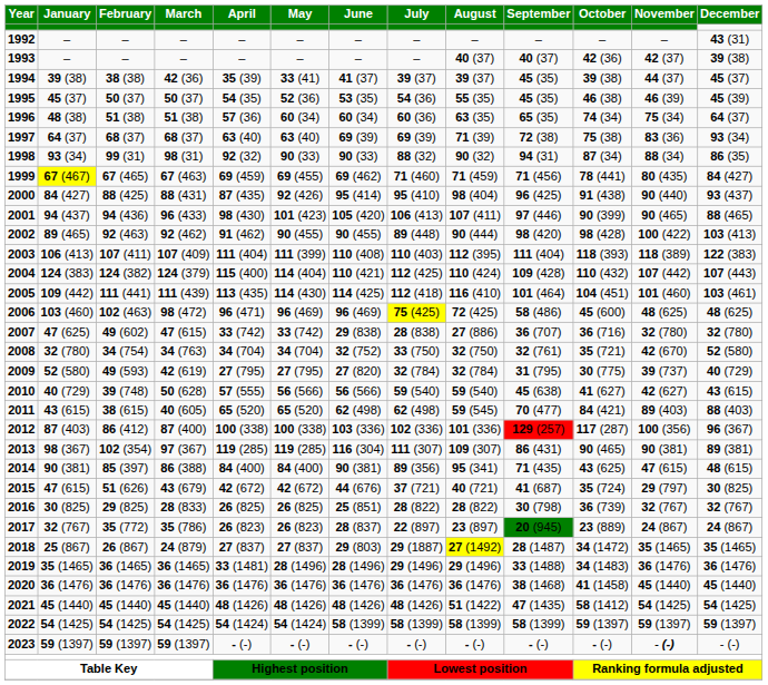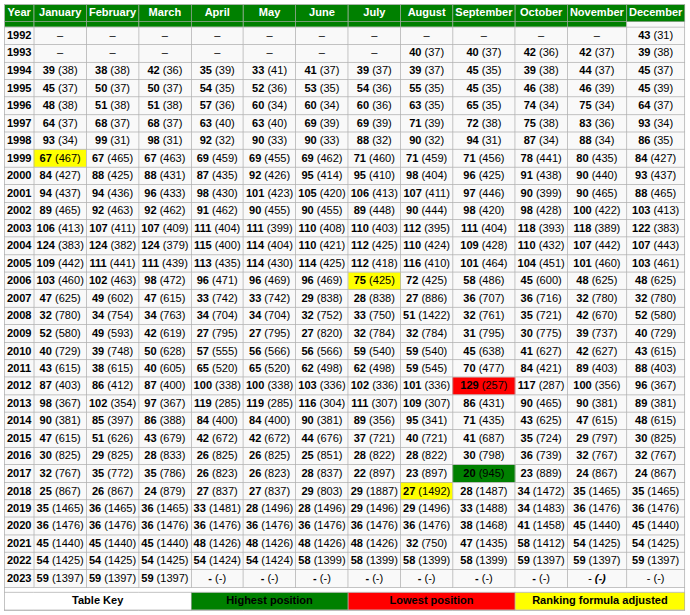 <table class="wikitable sortable mw-collapsible mw-collapsed" style="text-align:center;">
 <tr>
 <th style="background-color:#008000; color:white; ">Year</th>
 <th style="background-color:#008000; color:white; ">January</th>
 <th style="background-color:#008000; color:white; ">February</th>
 <th style="background-color:#008000; color:white; ">March</th>
 <th style="background-color:#008000; color:white; ">April</th>
 <th style="background-color:#008000; color:white; ">May</th>
 <th style="background-color:#008000; color:white; ">June</th>
 <th style="background-color:#008000; color:white; ">July</th>
 <th style="background-color:#008000; color:white; ">August</th>
 <th style="background-color:#008000; color:white; ">September</th>
 <th style="background-color:#008000; color:white; ">October</th>
 <th style="background-color:#008000; color:white; ">November</th>
 <th style="background-color:#008000; color:white; ">December</th>
 </tr>
 <tr>
 <th style="background-color:#008000; color:white; "></th>
 <th style="background-color:#008000; color:white; "></th>
 <th style="background-color:#008000; color:white; "></th>
 <th style="background-color:#008000; color:white; "></th>
 <th style="background-color:#008000; color:white; "></th>
 <th style="background-color:#008000; color:white; "></th>
 <th style="background-color:#008000; color:white; "></th>
 <th style="background-color:#008000; color:white; "></th>
 <th style="background-color:#008000; color:white; "></th>
 <th style="background-color:#008000; color:white; "></th>
 <th style="background-color:#008000; color:white; "></th>
 <th style="background-color:#008000; color:white; "></th>
 </tr>
 <tr>
 <td><strong>1992</strong></td>
 <td>–</td>
 <td>–</td>
 <td>–</td>
 <td>–</td>
 <td>–</td>
 <td>–</td>
 <td>–</td>
 <td>–</td>
 <td>–</td>
 <td>–</td>
 <td>–</td>
 <td><strong>43</strong> (31)</td>
 </tr>
 <tr>
 <td><strong>1993</strong></td>
 <td>–</td>
 <td>–</td>
 <td>–</td>
 <td>–</td>
 <td>–</td>
 <td>–</td>
 <td>–</td>
 <td><strong>40</strong> (37)</td>
 <td><strong>40</strong> (37)</td>
 <td><strong>42</strong> (36)</td>
 <td><strong>42</strong> (37)</td>
 <td><strong>39</strong> (38)</td>
 </tr>
 <tr>
 <td><strong>1994</strong></td>
 <td><strong>39</strong> (38)</td>
 <td><strong>38</strong> (38)</td>
 <td><strong>42</strong> (36)</td>
 <td><strong>35</strong> (39)</td>
 <td><strong>33</strong> (41)</td>
 <td><strong>41</strong> (37)</td>
 <td><strong>39</strong> (37)</td>
 <td><strong>39</strong> (37)</td>
 <td><strong>45</strong> (35)</td>
 <td><strong>39</strong> (38)</td>
 <td><strong>44</strong> (37)</td>
 <td><strong>45</strong> (37)</td>
 </tr>
 <tr>
 <td><strong>1995</strong></td>
 <td><strong>45</strong> (37)</td>
 <td><strong>50</strong> (37)</td>
 <td><strong>50</strong> (37)</td>
 <td><strong>54</strong> (35)</td>
 <td><strong>52</strong> (36)</td>
 <td><strong>53</strong> (35)</td>
 <td><strong>54</strong> (36)</td>
 <td><strong>55</strong> (35)</td>
 <td><strong>45</strong> (35)</td>
 <td><strong>46</strong> (38)</td>
 <td><strong>46</strong> (39)</td>
 <td><strong>45</strong> (39)</td>
 </tr>
 <tr>
 <td><strong>1996</strong></td>
 <td><strong>48</strong> (38)</td>
 <td><strong>51</strong> (38)</td>
 <td><strong>51</strong> (38)</td>
 <td><strong>57</strong> (36)</td>
 <td><strong>60</strong> (34)</td>
 <td><strong>60</strong> (34)</td>
 <td><strong>60</strong> (36)</td>
 <td><strong>63</strong> (35)</td>
 <td><strong>65</strong> (35)</td>
 <td><strong>74</strong> (34)</td>
 <td><strong>75</strong> (34)</td>
 <td><strong>64</strong> (37)</td>
 </tr>
 <tr>
 <td><strong>1997</strong></td>
 <td><strong>64</strong> (37)</td>
 <td><strong>68</strong> (37)</td>
 <td><strong>68</strong> (37)</td>
 <td><strong>63</strong> (40)</td>
 <td><strong>63</strong> (40)</td>
 <td><strong>69</strong> (39)</td>
 <td><strong>69</strong> (39)</td>
 <td><strong>71</strong> (39)</td>
 <td><strong>72</strong> (38)</td>
 <td><strong>75</strong> (38)</td>
 <td><strong>83</strong> (36)</td>
 <td><strong>93</strong> (34)</td>
 </tr>
 <tr>
 <td><strong>1998</strong></td>
 <td><strong>93</strong> (34)</td>
 <td><strong>99</strong> (31)</td>
 <td><strong>98</strong> (31)</td>
 <td><strong>92</strong> (32)</td>
 <td><strong>90</strong> (33)</td>
 <td><strong>90</strong> (33)</td>
 <td><strong>88</strong> (32)</td>
 <td><strong>90</strong> (32)</td>
 <td><strong>94</strong> (31)</td>
 <td><strong>87</strong> (34)</td>
 <td><strong>88</strong> (34)</td>
 <td><strong>86</strong> (35)</td>
 </tr>
 <tr>
 <td><strong>1999</strong></td>
 <td style="background:yellow;"><strong>67</strong> (467)</td>
 <td><strong>67</strong> (465)</td>
 <td><strong>67</strong> (463)</td>
 <td><strong>69</strong> (459)</td>
 <td><strong>69</strong> (455)</td>
 <td><strong>69</strong> (462)</td>
 <td><strong>71</strong> (460)</td>
 <td><strong>71</strong> (459)</td>
 <td><strong>71</strong> (456)</td>
 <td><strong>78</strong> (441)</td>
 <td><strong>80</strong> (435)</td>
 <td><strong>84</strong> (427)</td>
 </tr>
 <tr>
 <td><strong>2000</strong></td>
 <td><strong>84</strong> (427)</td>
 <td><strong>88</strong> (425)</td>
 <td><strong>88</strong> (431)</td>
 <td><strong>87</strong> (435)</td>
 <td><strong>92</strong> (426)</td>
 <td><strong>95</strong> (414)</td>
 <td><strong>95</strong> (410)</td>
 <td><strong>98</strong> (404)</td>
 <td><strong>96</strong> (425)</td>
 <td><strong>91</strong> (438)</td>
 <td><strong>90</strong> (440)</td>
 <td><strong>93</strong> (437)</td>
 </tr>
 <tr>
 <td><strong>2001</strong></td>
 <td><strong>94</strong> (437)</td>
 <td><strong>94</strong> (436)</td>
 <td><strong>96</strong> (433)</td>
 <td><strong>98</strong> (430)</td>
 <td><strong>101</strong> (423)</td>
 <td><strong>105</strong> (420)</td>
 <td><strong>106</strong> (413)</td>
 <td><strong>107</strong> (411)</td>
 <td><strong>97</strong> (446)</td>
 <td><strong>90</strong> (399)</td>
 <td><strong>90</strong> (465)</td>
 <td><strong>88</strong> (465)</td>
 </tr>
 <tr>
 <td><strong>2002</strong></td>
 <td><strong>89</strong> (465)</td>
 <td><strong>92</strong> (463)</td>
 <td><strong>92</strong> (462)</td>
 <td><strong>91</strong> (462)</td>
 <td><strong>90</strong> (455)</td>
 <td><strong>90</strong> (455)</td>
 <td><strong>89</strong> (448)</td>
 <td><strong>90</strong> (444)</td>
 <td><strong>98</strong> (420)</td>
 <td><strong>98</strong> (428)</td>
 <td><strong>100</strong> (422)</td>
 <td><strong>103</strong> (413)</td>
 </tr>
 <tr>
 <td><strong>2003</strong></td>
 <td><strong>106</strong> (413)</td>
 <td><strong>107</strong> (411)</td>
 <td><strong>107</strong> (409)</td>
 <td><strong>111</strong> (404)</td>
 <td><strong>111</strong> (399)</td>
 <td><strong>110</strong> (408)</td>
 <td><strong>110</strong> (403)</td>
 <td><strong>112</strong> (395)</td>
 <td><strong>111</strong> (404)</td>
 <td><strong>118</strong> (393)</td>
 <td><strong>118</strong> (389)</td>
 <td><strong>122</strong> (383)</td>
 </tr>
 <tr>
 <td><strong>2004</strong></td>
 <td><strong>124</strong> (383)</td>
 <td><strong>124</strong> (382)</td>
 <td><strong>124</strong> (379)</td>
 <td><strong>115</strong> (400)</td>
 <td><strong>114</strong> (404)</td>
 <td><strong>110</strong> (421)</td>
 <td><strong>112</strong> (425)</td>
 <td><strong>110</strong> (424)</td>
 <td><strong>109</strong> (428)</td>
 <td><strong>110</strong> (432)</td>
 <td><strong>107</strong> (442)</td>
 <td><strong>107</strong> (443)</td>
 </tr>
 <tr>
 <td><strong>2005</strong></td>
 <td><strong>109</strong> (442)</td>
 <td><strong>111</strong> (441)</td>
 <td><strong>111</strong> (439)</td>
 <td><strong>113</strong> (435)</td>
 <td><strong>114</strong> (430)</td>
 <td><strong>114</strong> (425)</td>
 <td><strong>112</strong> (418)</td>
 <td><strong>116</strong> (410)</td>
 <td><strong>101</strong> (464)</td>
 <td><strong>104</strong> (451)</td>
 <td><strong>101</strong> (460)</td>
 <td><strong>103</strong> (461)</td>
 </tr>
 <tr>
 <td><strong>2006</strong></td>
 <td><strong>103</strong> (460)</td>
 <td><strong>102</strong> (463)</td>
 <td><strong>98</strong> (472)</td>
 <td><strong>96</strong> (471)</td>
 <td><strong>96</strong> (469)</td>
 <td><strong>96</strong> (469)</td>
 <td style="background:yellow;"><strong>75</strong> (425)</td>
 <td><strong>72</strong> (425)</td>
 <td><strong>58</strong> (486)</td>
 <td><strong>45</strong> (600)</td>
 <td><strong>48</strong> (625)</td>
 <td><strong>48</strong> (625)</td>
 </tr>
 <tr>
 <td><strong>2007</strong></td>
 <td><strong>47</strong> (625)</td>
 <td><strong>49</strong> (602)</td>
 <td><strong>47</strong> (615)</td>
 <td><strong>33</strong> (742)</td>
 <td><strong>33</strong> (742)</td>
 <td><strong>29</strong> (838)</td>
 <td><strong>28</strong> (838)</td>
 <td><strong>27</strong> (886)</td>
 <td><strong>36</strong> (707)</td>
 <td><strong>36</strong> (716)</td>
 <td><strong>32</strong> (780)</td>
 <td><strong>32</strong> (780)</td>
 </tr>
 <tr>
 <td><strong>2008</strong></td>
 <td><strong>32</strong> (780)</td>
 <td><strong>34</strong> (754)</td>
 <td><strong>34</strong> (763)</td>
 <td><strong>34</strong> (704)</td>
 <td><strong>34</strong> (704)</td>
 <td><strong>32</strong> (752)</td>
 <td><strong>33</strong> (750)</td>
-<td><strong>32</strong> (750)</td>
+<td><strong>51</strong> (1422)</td>
 <td><strong>32</strong> (761)</td>
 <td><strong>35</strong> (721)</td>
 <td><strong>42</strong> (670)</td>
 <td><strong>52</strong> (580)</td>
 </tr>
 <tr>
 <td><strong>2009</strong></td>
 <td><strong>52</strong> (580)</td>
 <td><strong>49</strong> (593)</td>
 <td><strong>42</strong> (619)</td>
 <td><strong>27</strong> (795)</td>
 <td><strong>27</strong> (795)</td>
 <td><strong>27</strong> (820)</td>
 <td><strong>32</strong> (784)</td>
 <td><strong>32</strong> (784)</td>
 <td><strong>31</strong> (795)</td>
 <td><strong>30</strong> (775)</td>
 <td><strong>39</strong> (737)</td>
 <td><strong>40</strong> (729)</td>
 </tr>
 <tr>
 <td><strong>2010</strong></td>
 <td><strong>40</strong> (729)</td>
 <td><strong>39</strong> (748)</td>
 <td><strong>50</strong> (628)</td>
 <td><strong>57</strong> (555)</td>
 <td><strong>56</strong> (566)</td>
 <td><strong>56</strong> (566)</td>
 <td><strong>59</strong> (540)</td>
 <td><strong>59</strong> (540)</td>
 <td><strong>45</strong> (638)</td>
 <td><strong>41</strong> (627)</td>
 <td><strong>42</strong> (627)</td>
 <td><strong>43</strong> (615)</td>
 </tr>
 <tr>
 <td><strong>2011</strong></td>
 <td><strong>43</strong> (615)</td>
 <td><strong>38</strong> (615)</td>
 <td><strong>40</strong> (605)</td>
 <td><strong>65</strong> (520)</td>
 <td><strong>65</strong> (520)</td>
 <td><strong>62</strong> (498)</td>
 <td><strong>62</strong> (498)</td>
 <td><strong>59</strong> (545)</td>
 <td><strong>70</strong> (477)</td>
 <td><strong>84</strong> (421)</td>
 <td><strong>89</strong> (403)</td>
 <td><strong>88</strong> (403)</td>
 </tr>
 <tr>
 <td><strong>2012</strong></td>
 <td><strong>87</strong> (403)</td>
 <td><strong>86</strong> (412)</td>
 <td><strong>87</strong> (400)</td>
 <td><strong>100</strong> (338)</td>
 <td><strong>100</strong> (338)</td>
 <td><strong>103</strong> (336)</td>
 <td><strong>102</strong> (336)</td>
 <td><strong>101</strong> (336)</td>
 <td style="background:red;"><strong>129</strong> (257)</td>
 <td><strong>117</strong> (287)</td>
 <td><strong>100</strong> (356)</td>
 <td><strong>96</strong> (367)</td>
 </tr>
 <tr>
 <td><strong>2013</strong></td>
 <td><strong>98</strong> (367)</td>
 <td><strong>102</strong> (354)</td>
 <td><strong>97</strong> (367)</td>
 <td><strong>119</strong> (285)</td>
 <td><strong>119</strong> (285)</td>
 <td><strong>116</strong> (304)</td>
 <td><strong>111</strong> (307)</td>
 <td><strong>109</strong> (307)</td>
 <td><strong>86</strong> (431)</td>
 <td><strong>90</strong> (465)</td>
 <td><strong>90</strong> (381)</td>
 <td><strong>89</strong> (381)</td>
 </tr>
 <tr>
 <td><strong>2014</strong></td>
 <td><strong>90</strong> (381)</td>
 <td><strong>85</strong> (397)</td>
 <td><strong>86</strong> (388)</td>
 <td><strong>84</strong> (400)</td>
 <td><strong>84</strong> (400)</td>
 <td><strong>90</strong> (381)</td>
 <td><strong>89</strong> (356)</td>
 <td><strong>95</strong> (341)</td>
 <td><strong>71</strong> (435)</td>
 <td><strong>43</strong> (625)</td>
 <td><strong>47</strong> (615)</td>
 <td><strong>48</strong> (615)</td>
 </tr>
 <tr>
 <td><strong>2015</strong></td>
 <td><strong>47</strong> (615)</td>
 <td><strong>51</strong> (626)</td>
 <td><strong>43</strong> (679)</td>
 <td><strong>42</strong> (672)</td>
 <td><strong>42</strong> (672)</td>
 <td><strong>44</strong> (676)</td>
 <td><strong>37</strong> (721)</td>
 <td><strong>40</strong> (721)</td>
 <td><strong>41</strong> (687)</td>
 <td><strong>35</strong> (724)</td>
 <td><strong>29</strong> (797)</td>
 <td><strong>30</strong> (825)</td>
 </tr>
 <tr>
 <td><strong>2016</strong></td>
 <td><strong>30</strong> (825)</td>
 <td><strong>29</strong> (825)</td>
 <td><strong>28</strong> (833)</td>
 <td><strong>26</strong> (825)</td>
 <td><strong>26</strong> (825)</td>
 <td><strong>25</strong> (851)</td>
 <td><strong>28</strong> (822)</td>
 <td><strong>28</strong> (822)</td>
 <td><strong>30</strong> (798)</td>
 <td><strong>36</strong> (739)</td>
 <td><strong>32</strong> (767)</td>
 <td><strong>32</strong> (767)</td>
 </tr>
 <tr>
 <td><strong>2017</strong></td>
 <td><strong>32</strong> (767)</td>
 <td><strong>35</strong> (772)</td>
 <td><strong>35</strong> (786)</td>
 <td><strong>26</strong> (823)</td>
 <td><strong>26</strong> (823)</td>
 <td><strong>28</strong> (837)</td>
 <td><strong>22</strong> (897)</td>
 <td><strong>23</strong> (897)</td>
 <td style="background:green;"><strong>20</strong> (945)</td>
 <td><strong>23</strong> (889)</td>
 <td><strong>24</strong> (867)</td>
 <td><strong>24</strong> (867)</td>
 </tr>
 <tr>
 <td><strong>2018</strong></td>
 <td><strong>25</strong> (867)</td>
 <td><strong>26</strong> (867)</td>
 <td><strong>24</strong> (879)</td>
 <td><strong>27</strong> (837)</td>
 <td><strong>27</strong> (837)</td>
 <td><strong>29</strong> (803)</td>
 <td><strong>29</strong> (1887)</td>
 <td style="background:yellow;"><strong>27</strong> (1492)</td>
 <td><strong>28</strong> (1487)</td>
 <td><strong>34</strong> (1472)</td>
 <td><strong>35</strong> (1465)</td>
 <td><strong>35</strong> (1465)</td>
 </tr>
 <tr>
 <td><strong>2019</strong></td>
 <td><strong>35</strong> (1465)</td>
 <td><strong>36</strong> (1465)</td>
 <td><strong>36</strong> (1465)</td>
 <td><strong>33</strong> (1481)</td>
 <td><strong>28</strong> (1496)</td>
 <td><strong>28</strong> (1496)</td>
 <td><strong>29</strong> (1496)</td>
 <td><strong>29</strong> (1496)</td>
 <td><strong>33</strong> (1488)</td>
 <td><strong>34</strong> (1483)</td>
 <td><strong>36</strong> (1476)</td>
 <td><strong>36</strong> (1476)</td>
 </tr>
 <tr>
 <td><strong>2020</strong></td>
 <td><strong>36</strong> (1476)</td>
 <td><strong>36</strong> (1476)</td>
 <td><strong>36</strong> (1476)</td>
 <td><strong>36</strong> (1476)</td>
 <td><strong>36</strong> (1476)</td>
 <td><strong>36</strong> (1476)</td>
 <td><strong>36</strong> (1476)</td>
 <td><strong>36</strong> (1476)</td>
 <td><strong>38</strong> (1468)</td>
 <td><strong>41</strong> (1458)</td>
 <td><strong>45</strong> (1440)</td>
 <td><strong>45</strong> (1440)</td>
 </tr>
 <tr>
 <td><strong>2021</strong></td>
 <td><strong>45</strong> (1440)</td>
 <td><strong>45</strong> (1440)</td>
 <td><strong>45</strong> (1440)</td>
 <td><strong>48</strong> (1426)</td>
 <td><strong>48</strong> (1426)</td>
 <td><strong>48</strong> (1426)</td>
 <td><strong>48</strong> (1426)</td>
-<td><strong>51</strong> (1422)</td>
+<td><strong>32</strong> (750)</td>
 <td><strong>47</strong> (1435)</td>
 <td><strong>58</strong> (1412)</td>
 <td><strong>54</strong> (1425)</td>
 <td><strong>54</strong> (1425)</td>
 </tr>
 <tr>
 <td><strong>2022</strong></td>
 <td><strong>54</strong> (1425)</td>
 <td><strong>54</strong> (1425)</td>
 <td><strong>54</strong> (1425)</td>
 <td><strong>54</strong> (1424)</td>
 <td><strong>54</strong> (1424)</td>
 <td><strong>58</strong> (1399)</td>
 <td><strong>58</strong> (1399)</td>
 <td><strong>58</strong> (1399)</td>
 <td><strong>58</strong> (1399)</td>
 <td><strong>59</strong> (1397)</td>
 <td><strong>59</strong> (1397)</td>
 <td><strong>59</strong> (1397)</td>
 </tr>
 <tr>
 <td><strong>2023</strong></td>
 <td><strong>59</strong> (1397)</td>
 <td><strong>59</strong> (1397)</td>
 <td><strong>59</strong> (1397)</td>
 <td><strong>-</strong> (-)</td>
 <td><strong>-</strong> (-)</td>
 <td><strong>-</strong> (-)</td>
 <td><strong>-</strong> (-)</td>
 <td><strong>-</strong> (-)</td>
 <td><strong>-</strong> (-)</td>
 <td><strong>-</strong> (-)</td>
 <td><em>-<strong> (-)</td>
 <td></em>-</strong> (-)</td>
 </tr>
 <tr>
 <th style="background-color:white;"colspan="13"></th>
 </tr>
 <tr>
 <th style="background-color:white;"colspan="4">Table Key</th>
 <th style="background-color:green;"colspan="3">Highest position</th>
 <th style="background-color:red;"colspan="3">Lowest position</th>
 <th style="background-color:yellow;"colspan="3">Ranking formula adjusted</th>
 </tr>
 <tr>
 </tr>
 </table>
